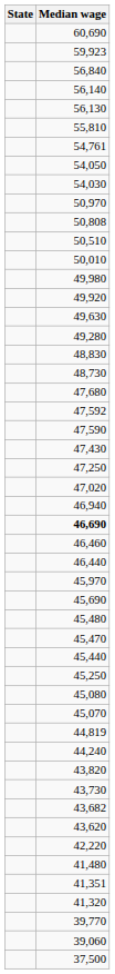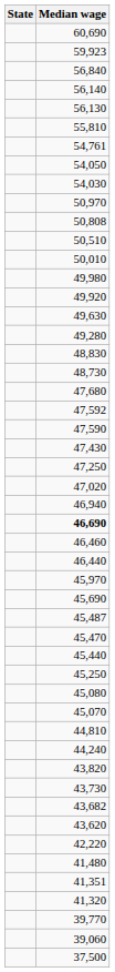 <table class="wikitable sortable sticky-table-head mw-datatable static-row-numbers" style=text-align:right;>
 <tr>
 <th>State</th>
 <th>Median wage</th>
 </tr>
 <tr>
 <td></td>
 <td>60,690</td>
 </tr>
 <tr>
 <td></td>
 <td>59,923</td>
 </tr>
 <tr>
 <td></td>
 <td>56,840</td>
 </tr>
 <tr>
 <td></td>
 <td>56,140</td>
 </tr>
 <tr>
 <td></td>
 <td>56,130</td>
 </tr>
 <tr>
 <td></td>
 <td>55,810</td>
 </tr>
 <tr>
 <td></td>
 <td>54,761</td>
 </tr>
 <tr>
 <td></td>
 <td>54,050</td>
 </tr>
 <tr>
 <td></td>
 <td>54,030</td>
 </tr>
 <tr>
 <td></td>
 <td>50,970</td>
 </tr>
 <tr>
 <td></td>
 <td>50,808</td>
 </tr>
 <tr>
 <td></td>
 <td>50,510</td>
 </tr>
 <tr>
 <td></td>
 <td>50,010</td>
 </tr>
 <tr>
 <td></td>
 <td>49,980</td>
 </tr>
 <tr>
 <td></td>
 <td>49,920</td>
 </tr>
 <tr>
 <td></td>
 <td>49,630</td>
 </tr>
 <tr>
 <td></td>
 <td>49,280</td>
 </tr>
 <tr>
 <td></td>
 <td>48,830</td>
 </tr>
 <tr>
 <td></td>
 <td>48,730</td>
 </tr>
 <tr>
 <td></td>
 <td>47,680</td>
 </tr>
 <tr>
 <td></td>
 <td>47,592</td>
 </tr>
 <tr>
 <td></td>
 <td>47,590</td>
 </tr>
 <tr>
 <td></td>
 <td>47,430</td>
 </tr>
 <tr>
 <td></td>
 <td>47,250</td>
 </tr>
 <tr>
 <td></td>
 <td>47,020</td>
 </tr>
 <tr>
 <td></td>
 <td>46,940</td>
 </tr>
 <tr>
 <td></td>
 <td><strong>46,690</strong></td>
 </tr>
 <tr>
 <td></td>
 <td>46,460</td>
 </tr>
 <tr>
 <td></td>
 <td>46,440</td>
 </tr>
 <tr>
 <td></td>
 <td>45,970</td>
 </tr>
 <tr>
 <td></td>
 <td>45,690</td>
 </tr>
 <tr>
 <td></td>
-<td>45,480</td>
+<td>45,487</td>
 </tr>
 <tr>
 <td></td>
 <td>45,470</td>
 </tr>
 <tr>
 <td></td>
 <td>45,440</td>
 </tr>
 <tr>
 <td></td>
 <td>45,250</td>
 </tr>
 <tr>
 <td></td>
 <td>45,080</td>
 </tr>
 <tr>
 <td></td>
 <td>45,070</td>
 </tr>
 <tr>
 <td></td>
-<td>44,819</td>
+<td>44,810</td>
 </tr>
 <tr>
 <td></td>
 <td>44,240</td>
 </tr>
 <tr>
 <td></td>
 <td>43,820</td>
 </tr>
 <tr>
 <td></td>
 <td>43,730</td>
 </tr>
 <tr>
 <td></td>
 <td>43,682</td>
 </tr>
 <tr>
 <td></td>
 <td>43,620</td>
 </tr>
 <tr>
 <td></td>
 <td>42,220</td>
 </tr>
 <tr>
 <td></td>
 <td>41,480</td>
 </tr>
 <tr>
 <td></td>
 <td>41,351</td>
 </tr>
 <tr>
 <td></td>
 <td>41,320</td>
 </tr>
 <tr>
 <td></td>
 <td>39,770</td>
 </tr>
 <tr>
 <td></td>
 <td>39,060</td>
 </tr>
 <tr>
 <td></td>
 <td>37,500</td>
 </tr>
 </table>
